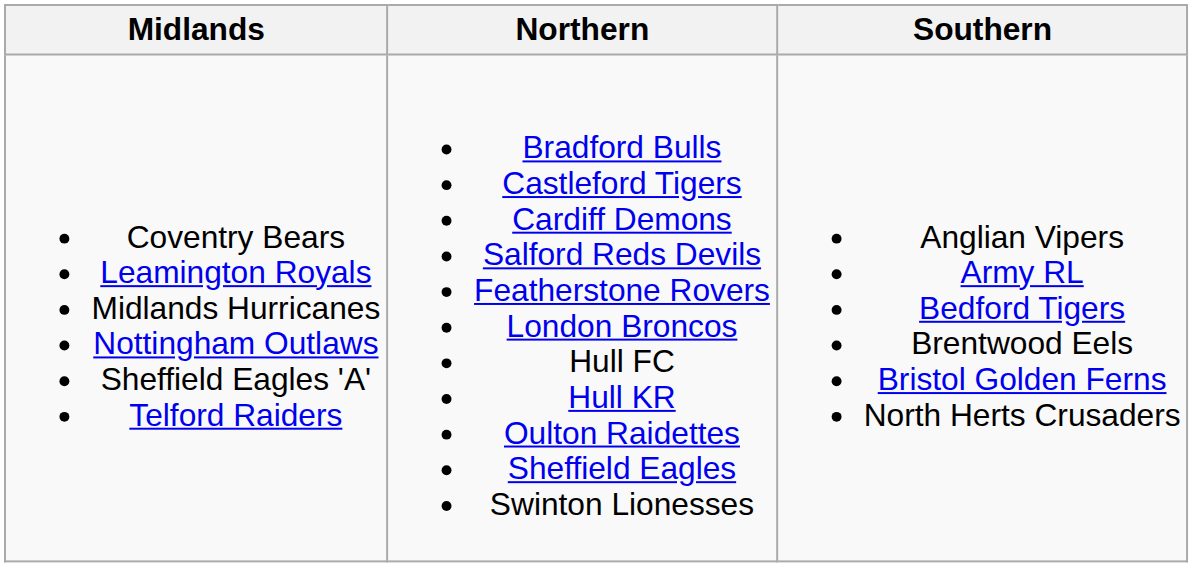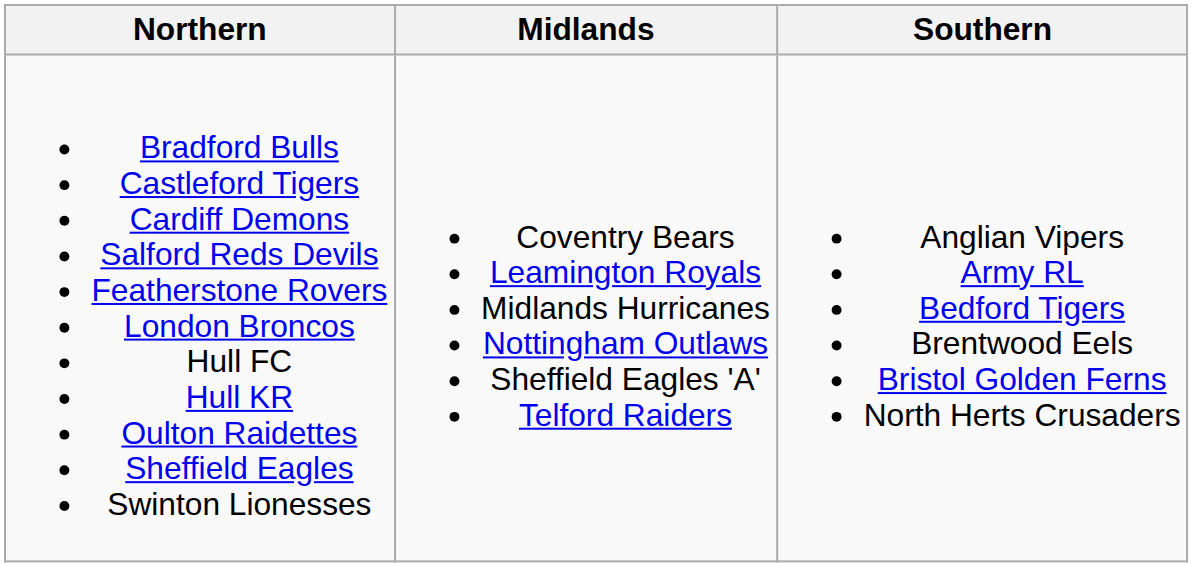 <table class="wikitable" style="text-align: center;">
 <tr>
+<th>Northern</th>
 <th>Midlands</th>
-<th>Northern</th>
 <th>Southern</th>
 </tr>
 <tr>
+<td><br><ul><li> <a href='#'>Bradford Bulls</a></li><li> <a href='#'>Castleford Tigers</a></li><li> <a href='#'>Cardiff Demons</a></li><li> <a href='#'>Salford Reds Devils</a></li><li> <a href='#'>Featherstone Rovers</a></li><li> <a href='#'>London Broncos</a></li><li> Hull FC</li><li> <a href='#'>Hull KR</a></li><li> <a href='#'>Oulton Raidettes</a></li><li> <a href='#'>Sheffield Eagles</a></li><li> Swinton Lionesses</li></ul></td>
 <td><br><ul><li> Coventry Bears</li><li> <a href='#'>Leamington Royals</a></li><li> Midlands Hurricanes</li><li> <a href='#'>Nottingham Outlaws</a></li><li> Sheffield Eagles 'A'</li><li> <a href='#'>Telford Raiders</a></li></ul></td>
-<td><br><ul><li> <a href='#'>Bradford Bulls</a></li><li> <a href='#'>Castleford Tigers</a></li><li> <a href='#'>Cardiff Demons</a></li><li> <a href='#'>Salford Reds Devils</a></li><li> <a href='#'>Featherstone Rovers</a></li><li> <a href='#'>London Broncos</a></li><li> Hull FC</li><li> <a href='#'>Hull KR</a></li><li> <a href='#'>Oulton Raidettes</a></li><li> <a href='#'>Sheffield Eagles</a></li><li> Swinton Lionesses</li></ul></td>
 <td><br><ul><li> Anglian Vipers</li><li> <a href='#'>Army RL</a></li><li> <a href='#'>Bedford Tigers</a></li><li> Brentwood Eels</li><li> <a href='#'>Bristol Golden Ferns</a></li><li> North Herts Crusaders</li></ul></td>
 </tr>
 </table>
